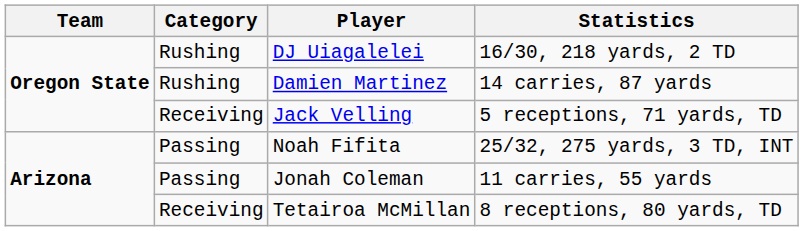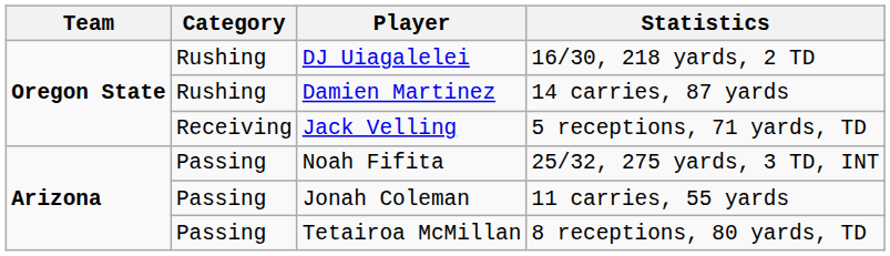 <table class="wikitable" style="float: right;">
 <tr>
 <th>Team</th>
 <th>Category</th>
 <th>Player</th>
 <th>Statistics</th>
 </tr>
 <tr>
 <td rowspan=3><strong>Oregon State</strong></td>
 <td>Rushing</td>
 <td><a href='#'>DJ Uiagalelei</a></td>
 <td>16/30, 218 yards, 2 TD</td>
 </tr>
 <tr>
 <td>Rushing</td>
 <td><a href='#'>Damien Martinez</a></td>
 <td>14 carries, 87 yards</td>
 </tr>
 <tr>
 <td>Receiving</td>
 <td><a href='#'>Jack Velling</a></td>
 <td>5 receptions, 71 yards, TD</td>
 </tr>
 <tr>
 <td rowspan=3><strong>Arizona</strong></td>
 <td>Passing</td>
 <td>Noah Fifita</td>
 <td>25/32, 275 yards, 3 TD, INT</td>
 </tr>
 <tr>
 <td>Passing</td>
 <td>Jonah Coleman</td>
 <td>11 carries, 55 yards</td>
 </tr>
 <tr>
-<td>Receiving</td>
+<td>Passing</td>
 <td>Tetairoa McMillan</td>
 <td>8 receptions, 80 yards, TD</td>
 </tr>
 </table>
